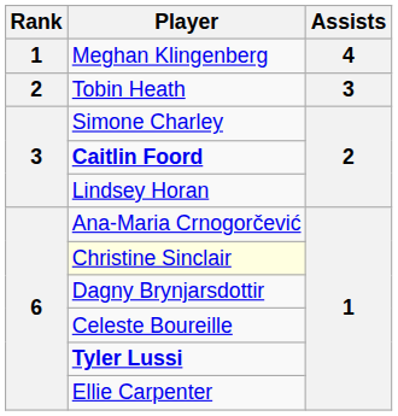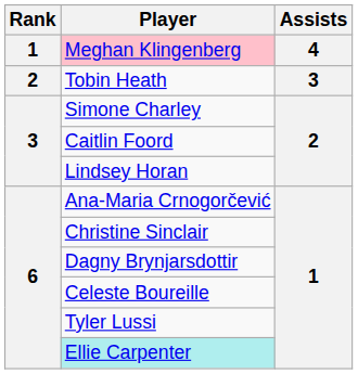 <table class="wikitable" style="text-align: left;">
 <tr>
 <th>Rank</th>
 <th>Player</th>
 <th>Assists</th>
 </tr>
 <tr>
 <th>1</th>
-<td> <a href='#'>Meghan Klingenberg</a></td>
+<td style="background: pink;"> <a href='#'>Meghan Klingenberg</a></td>
 <th>4</th>
 </tr>
 <tr>
 <th>2</th>
 <td> <a href='#'>Tobin Heath</a></td>
 <th>3</th>
 </tr>
 <tr>
 <th rowspan=3>3</th>
 <td> <a href='#'>Simone Charley</a></td>
 <th rowspan=3>2</th>
 </tr>
 <tr>
-<td><strong> <a href='#'>Caitlin Foord</a></strong></td>
+<td> <a href='#'>Caitlin Foord</a></td>
 </tr>
 <tr>
 <td> <a href='#'>Lindsey Horan</a></td>
 </tr>
 <tr>
 <th rowspan=6>6</th>
 <td> <a href='#'>Ana-Maria Crnogorčević</a></td>
 <th rowspan=6>1</th>
 </tr>
 <tr>
-<td style="background: lightyellow;"> <a href='#'>Christine Sinclair</a></td>
+<td> <a href='#'>Christine Sinclair</a></td>
 </tr>
 <tr>
 <td> <a href='#'>Dagny Brynjarsdottir</a></td>
 </tr>
 <tr>
 <td> <a href='#'>Celeste Boureille</a></td>
 </tr>
 <tr>
-<td><strong> <a href='#'>Tyler Lussi</a></strong></td>
+<td> <a href='#'>Tyler Lussi</a></td>
 </tr>
 <tr>
-<td> <a href='#'>Ellie Carpenter</a></td>
+<td style="background: paleturquoise;"> <a href='#'>Ellie Carpenter</a></td>
 </tr>
 </table>
